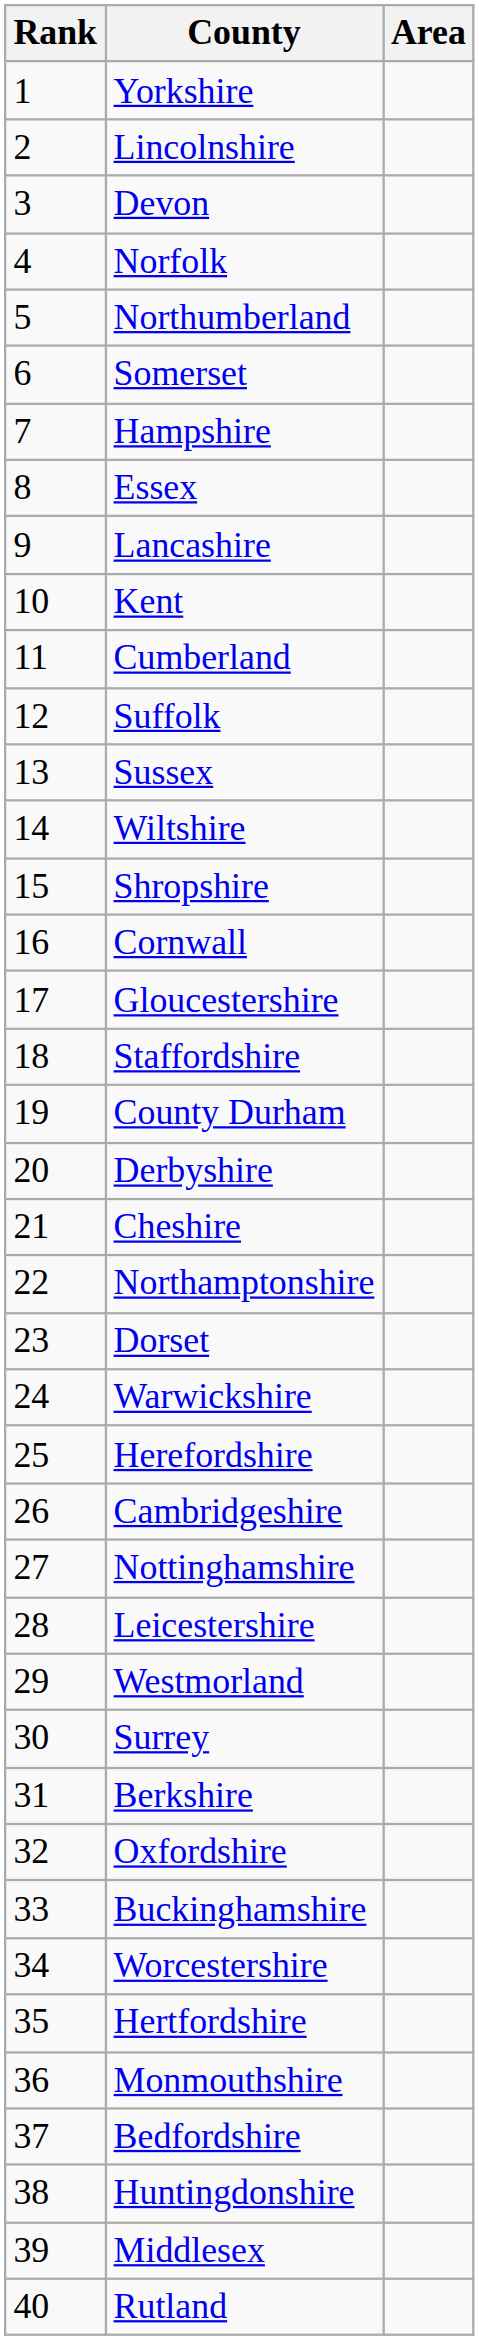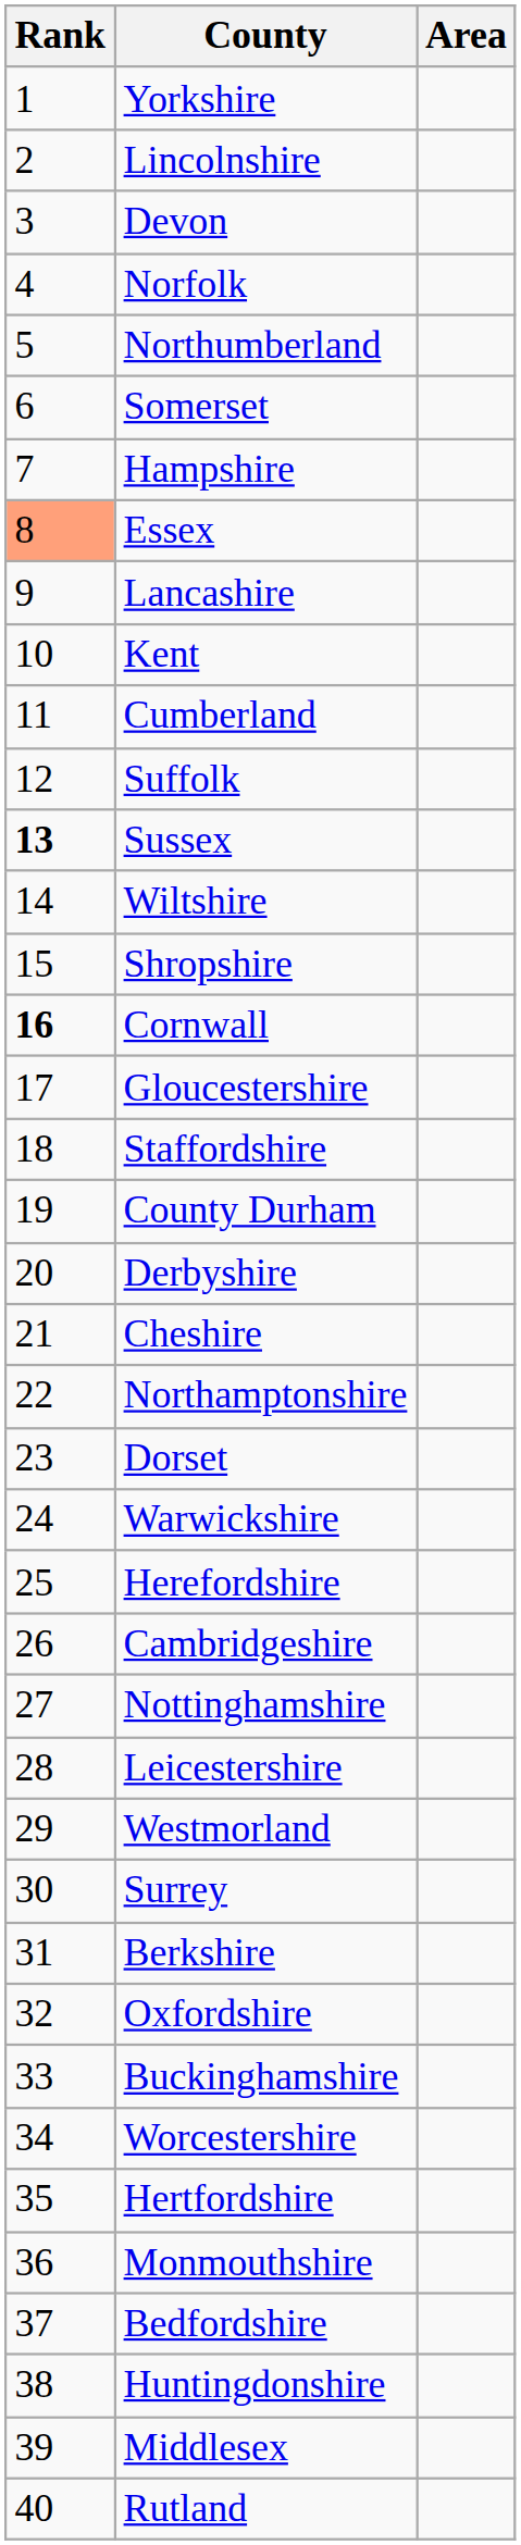 <table class="wikitable sortable">
 <tr>
 <th>Rank</th>
 <th>County</th>
 <th class="unsortable">Area</th>
 </tr>
 <tr>
 <td>1</td>
 <td><a href='#'>Yorkshire</a></td>
 <td> </td>
 </tr>
 <tr>
 <td>2</td>
 <td><a href='#'>Lincolnshire</a></td>
 <td></td>
 </tr>
 <tr>
 <td>3</td>
 <td><a href='#'>Devon</a></td>
 <td></td>
 </tr>
 <tr>
 <td>4</td>
 <td><a href='#'>Norfolk</a></td>
 <td></td>
 </tr>
 <tr>
 <td>5</td>
 <td><a href='#'>Northumberland</a></td>
 <td></td>
 </tr>
 <tr>
 <td>6</td>
 <td><a href='#'>Somerset</a></td>
 <td></td>
 </tr>
 <tr>
 <td>7</td>
 <td><a href='#'>Hampshire</a></td>
 <td></td>
 </tr>
 <tr>
-<td>8</td>
+<td style="background: lightsalmon;">8</td>
 <td><a href='#'>Essex</a></td>
 <td></td>
 </tr>
 <tr>
 <td>9</td>
 <td><a href='#'>Lancashire</a></td>
 <td></td>
 </tr>
 <tr>
 <td>10</td>
 <td><a href='#'>Kent</a></td>
 <td></td>
 </tr>
 <tr>
 <td>11</td>
 <td><a href='#'>Cumberland</a></td>
 <td></td>
 </tr>
 <tr>
 <td>12</td>
 <td><a href='#'>Suffolk</a></td>
 <td></td>
 </tr>
 <tr>
-<td>13</td>
+<td><strong>13</strong></td>
 <td><a href='#'>Sussex</a></td>
 <td></td>
 </tr>
 <tr>
 <td>14</td>
 <td><a href='#'>Wiltshire</a></td>
 <td></td>
 </tr>
 <tr>
 <td>15</td>
 <td><a href='#'>Shropshire</a></td>
 <td></td>
 </tr>
 <tr>
-<td>16</td>
+<td><strong>16</strong></td>
 <td><a href='#'>Cornwall</a></td>
 <td></td>
 </tr>
 <tr>
 <td>17</td>
 <td><a href='#'>Gloucestershire</a></td>
 <td></td>
 </tr>
 <tr>
 <td>18</td>
 <td><a href='#'>Staffordshire</a></td>
 <td></td>
 </tr>
 <tr>
 <td>19</td>
 <td><a href='#'>County Durham</a></td>
 <td></td>
 </tr>
 <tr>
 <td>20</td>
 <td><a href='#'>Derbyshire</a></td>
 <td></td>
 </tr>
 <tr>
 <td>21</td>
 <td><a href='#'>Cheshire</a></td>
 <td></td>
 </tr>
 <tr>
 <td>22</td>
 <td><a href='#'>Northamptonshire</a></td>
 <td></td>
 </tr>
 <tr>
 <td>23</td>
 <td><a href='#'>Dorset</a></td>
 <td></td>
 </tr>
 <tr>
 <td>24</td>
 <td><a href='#'>Warwickshire</a></td>
 <td></td>
 </tr>
 <tr>
 <td>25</td>
 <td><a href='#'>Herefordshire</a></td>
 <td></td>
 </tr>
 <tr>
 <td>26</td>
 <td><a href='#'>Cambridgeshire</a></td>
 <td></td>
 </tr>
 <tr>
 <td>27</td>
 <td><a href='#'>Nottinghamshire</a></td>
 <td></td>
 </tr>
 <tr>
 <td>28</td>
 <td><a href='#'>Leicestershire</a></td>
 <td></td>
 </tr>
 <tr>
 <td>29</td>
 <td><a href='#'>Westmorland</a></td>
 <td></td>
 </tr>
 <tr>
 <td>30</td>
 <td><a href='#'>Surrey</a></td>
 <td></td>
 </tr>
 <tr>
 <td>31</td>
 <td><a href='#'>Berkshire</a></td>
 <td></td>
 </tr>
 <tr>
 <td>32</td>
 <td><a href='#'>Oxfordshire</a></td>
 <td></td>
 </tr>
 <tr>
 <td>33</td>
 <td><a href='#'>Buckinghamshire</a></td>
 <td></td>
 </tr>
 <tr>
 <td>34</td>
 <td><a href='#'>Worcestershire</a></td>
 <td></td>
 </tr>
 <tr>
 <td>35</td>
 <td><a href='#'>Hertfordshire</a></td>
 <td></td>
 </tr>
 <tr>
 <td>36</td>
 <td><a href='#'>Monmouthshire</a></td>
 <td></td>
 </tr>
 <tr>
 <td>37</td>
 <td><a href='#'>Bedfordshire</a></td>
 <td></td>
 </tr>
 <tr>
 <td>38</td>
 <td><a href='#'>Huntingdonshire</a></td>
 <td></td>
 </tr>
 <tr>
 <td>39</td>
 <td><a href='#'>Middlesex</a></td>
 <td></td>
 </tr>
 <tr>
 <td>40</td>
 <td><a href='#'>Rutland</a></td>
 <td></td>
 </tr>
 </table>
